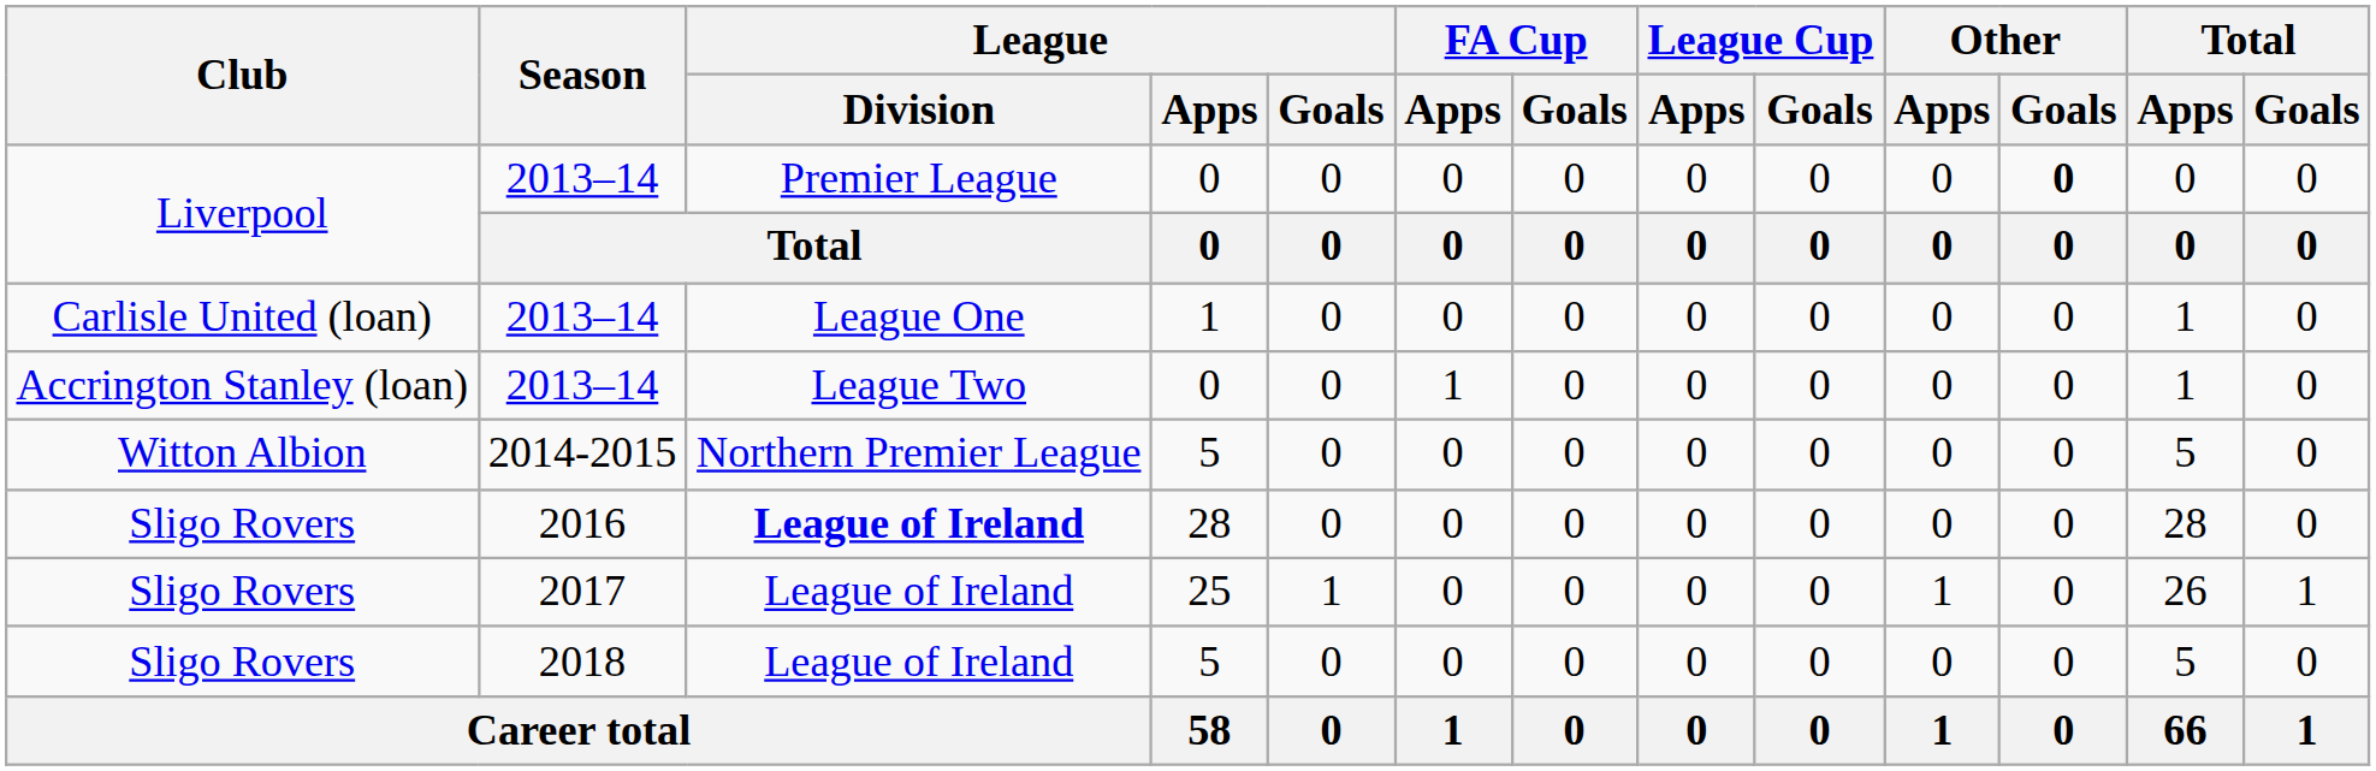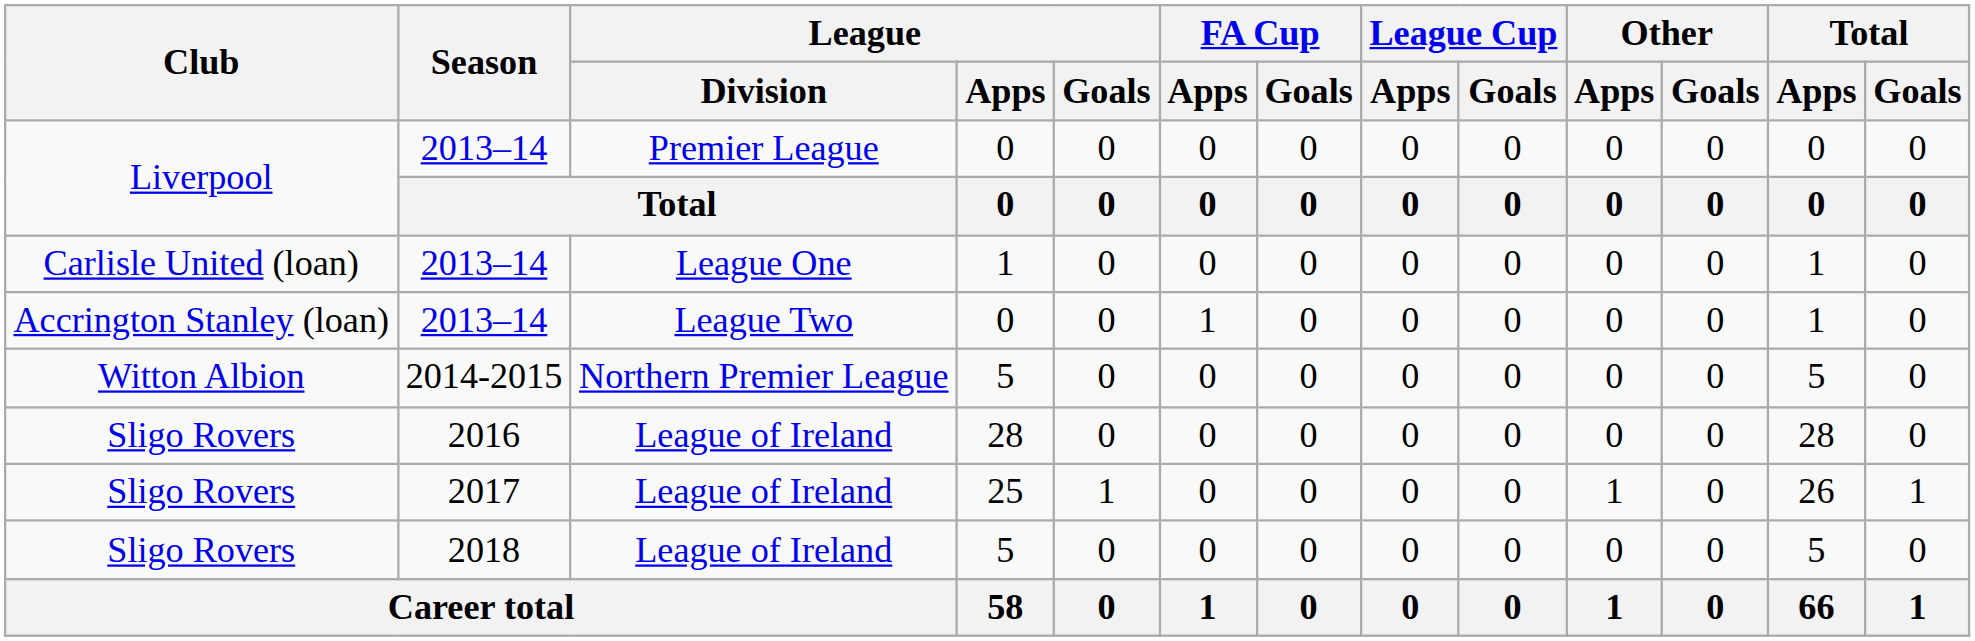 <table class="wikitable" style="text-align: center;">
 <tr>
 <th rowspan="2">Club</th>
 <th rowspan="2">Season</th>
 <th colspan="3">League</th>
 <th colspan="2"><a href='#'>FA Cup</a></th>
 <th colspan="2"><a href='#'>League Cup</a></th>
 <th colspan="2">Other</th>
 <th colspan="2">Total</th>
 </tr>
 <tr>
 <th>Division</th>
 <th>Apps</th>
 <th>Goals</th>
 <th>Apps</th>
 <th>Goals</th>
 <th>Apps</th>
 <th>Goals</th>
 <th>Apps</th>
 <th>Goals</th>
 <th>Apps</th>
 <th>Goals</th>
 </tr>
 <tr>
 <td rowspan="2"><a href='#'>Liverpool</a></td>
 <td><a href='#'>2013–14</a></td>
 <td><a href='#'>Premier League</a></td>
 <td>0</td>
 <td>0</td>
 <td>0</td>
 <td>0</td>
 <td>0</td>
 <td>0</td>
 <td>0</td>
-<td><strong>0</strong></td>
+<td>0</td>
 <td>0</td>
 <td>0</td>
 </tr>
 <tr>
 <th colspan="2">Total</th>
 <th>0</th>
 <th>0</th>
 <th>0</th>
 <th>0</th>
 <th>0</th>
 <th>0</th>
 <th>0</th>
 <th>0</th>
 <th>0</th>
 <th>0</th>
 </tr>
 <tr>
 <td rowspan="1"><a href='#'>Carlisle United</a> (loan)</td>
 <td><a href='#'>2013–14</a></td>
 <td><a href='#'>League One</a></td>
 <td>1</td>
 <td>0</td>
 <td>0</td>
 <td>0</td>
 <td>0</td>
 <td>0</td>
 <td>0</td>
 <td>0</td>
 <td>1</td>
 <td>0</td>
 </tr>
 <tr>
 <td rowspan="1"><a href='#'>Accrington Stanley</a> (loan)</td>
 <td><a href='#'>2013–14</a></td>
 <td><a href='#'>League Two</a></td>
 <td>0</td>
 <td>0</td>
 <td>1</td>
 <td>0</td>
 <td>0</td>
 <td>0</td>
 <td>0</td>
 <td>0</td>
 <td>1</td>
 <td>0</td>
 </tr>
 <tr>
 <td rowspan="1"><a href='#'>Witton Albion</a></td>
 <td>2014-2015</td>
 <td><a href='#'>Northern Premier League</a></td>
 <td>5</td>
 <td>0</td>
 <td>0</td>
 <td>0</td>
 <td>0</td>
 <td>0</td>
 <td>0</td>
 <td>0</td>
 <td>5</td>
 <td>0</td>
 </tr>
 <tr>
 <td rowspan="1"><a href='#'>Sligo Rovers</a></td>
 <td>2016</td>
-<td><strong><a href='#'>League of Ireland</a></strong></td>
+<td><a href='#'>League of Ireland</a></td>
 <td>28</td>
 <td>0</td>
 <td>0</td>
 <td>0</td>
 <td>0</td>
 <td>0</td>
 <td>0</td>
 <td>0</td>
 <td>28</td>
 <td>0</td>
 </tr>
 <tr>
 <td rowspan="1"><a href='#'>Sligo Rovers</a></td>
 <td>2017</td>
 <td><a href='#'>League of Ireland</a></td>
 <td>25</td>
 <td>1</td>
 <td>0</td>
 <td>0</td>
 <td>0</td>
 <td>0</td>
 <td>1</td>
 <td>0</td>
 <td>26</td>
 <td>1</td>
 </tr>
 <tr>
 <td rowspan="1"><a href='#'>Sligo Rovers</a></td>
 <td>2018</td>
 <td><a href='#'>League of Ireland</a></td>
 <td>5</td>
 <td>0</td>
 <td>0</td>
 <td>0</td>
 <td>0</td>
 <td>0</td>
 <td>0</td>
 <td>0</td>
 <td>5</td>
 <td>0</td>
 </tr>
 <tr>
 <th colspan="3">Career total</th>
 <th>58</th>
 <th>0</th>
 <th>1</th>
 <th>0</th>
 <th>0</th>
 <th>0</th>
 <th>1</th>
 <th>0</th>
 <th>66</th>
 <th>1</th>
 </tr>
 </table>
